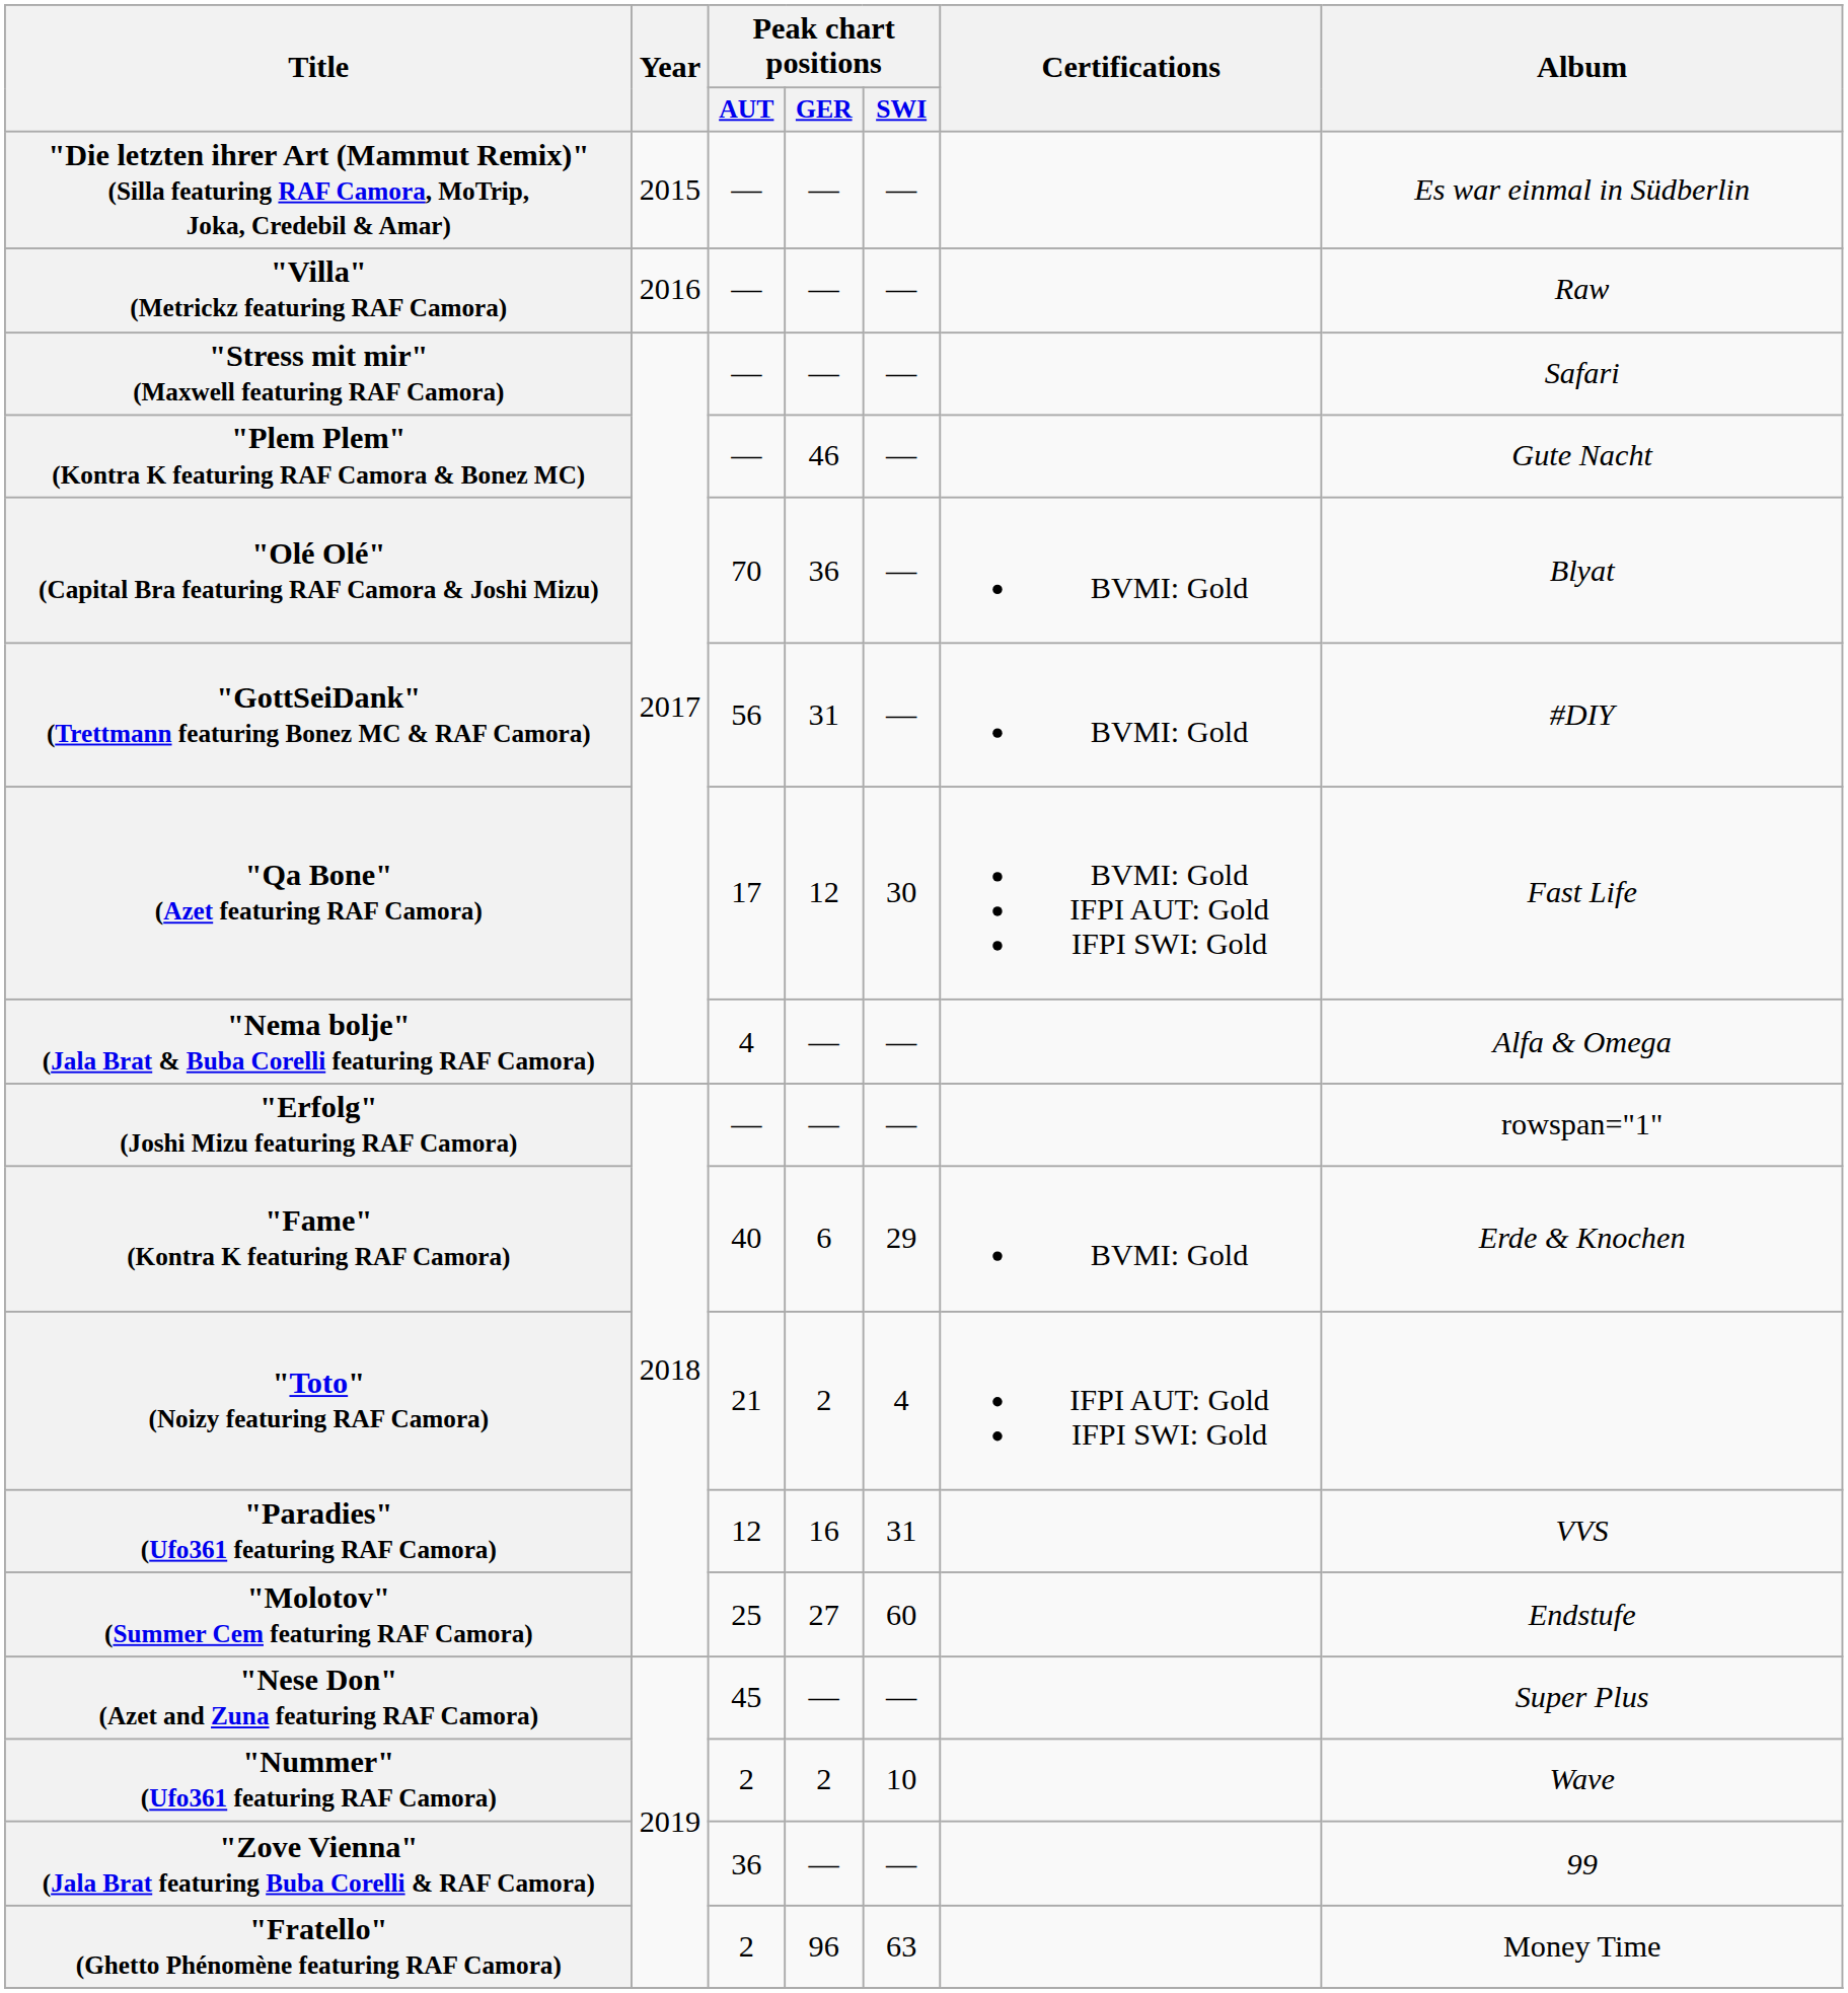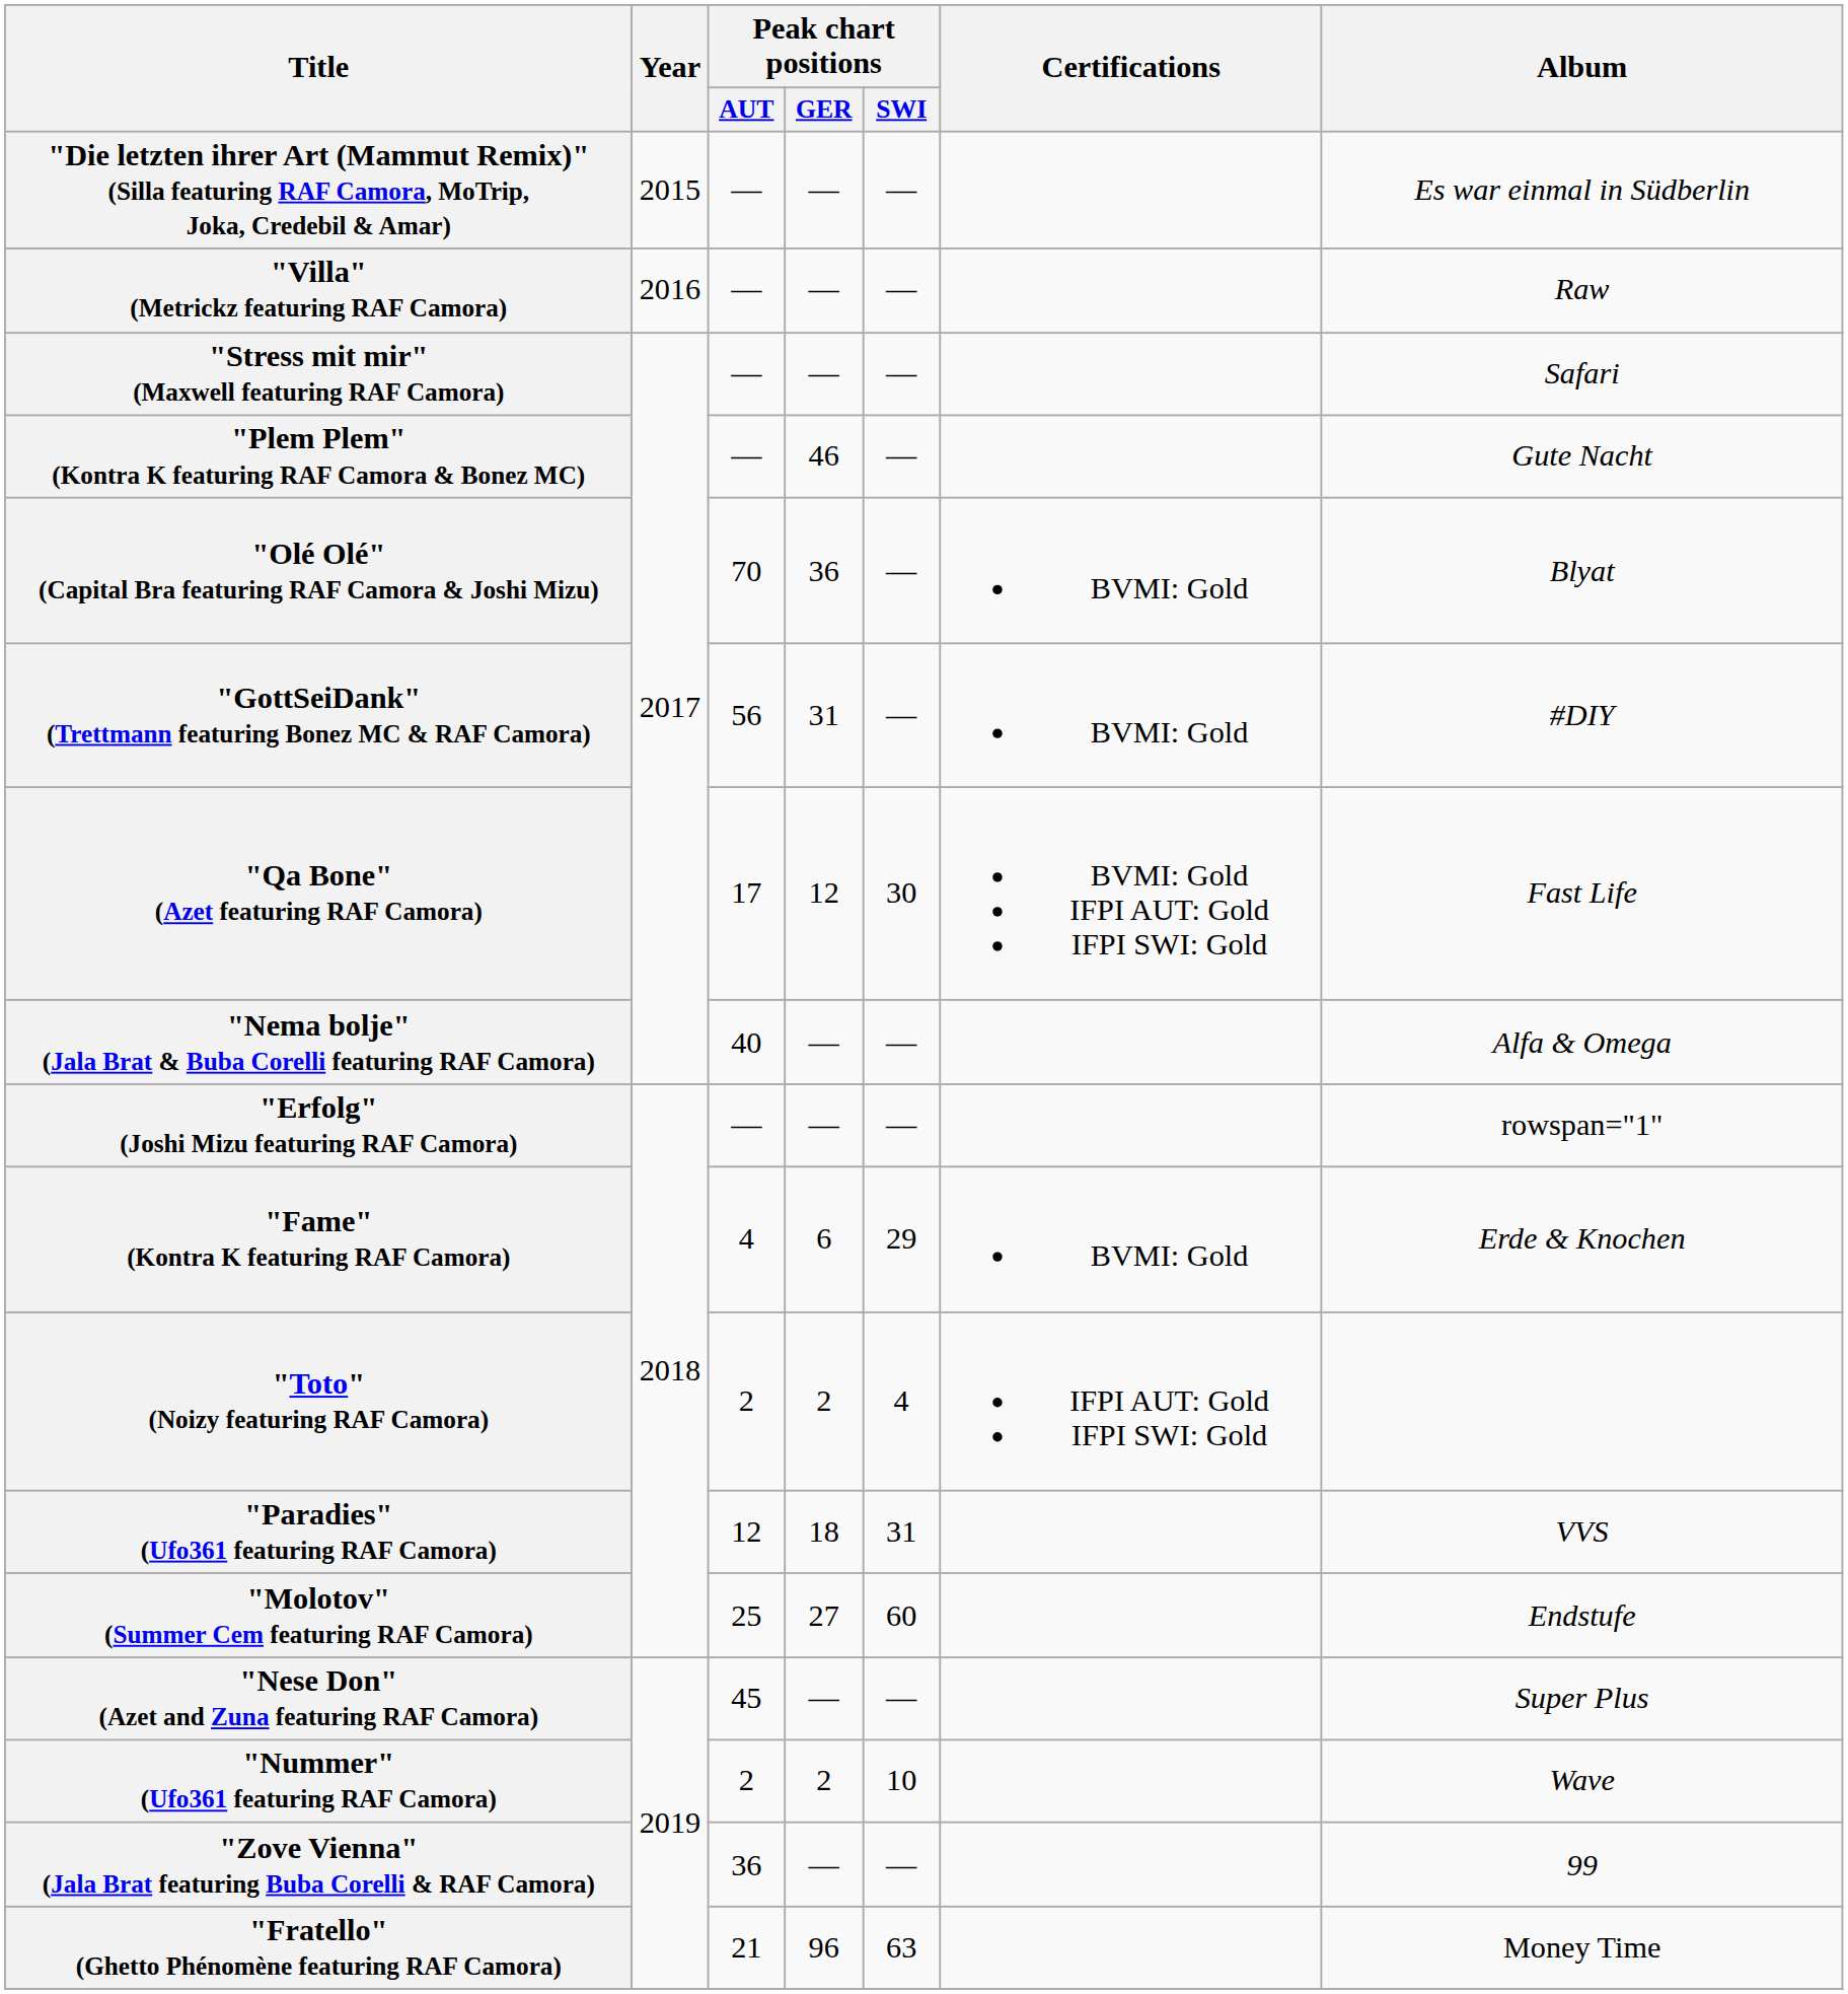 <table class="wikitable plainrowheaders" style="text-align:center;">
 <tr>
 <th scope="col" rowspan="2" style="width:20em;">Title</th>
 <th scope="col" rowspan="2" style="width:1em;">Year</th>
 <th scope="col" colspan="3">Peak chart positions</th>
 <th scope="col" rowspan="2" style="width:12em;">Certifications</th>
 <th scope="col" rowspan="2" style="width:16.5em;">Album</th>
 </tr>
 <tr>
 <th style="width:2.5em; font-size:85%"><a href='#'>AUT</a><br></th>
 <th style="width:2.5em; font-size:85%"><a href='#'>GER</a><br></th>
 <th style="width:2.5em; font-size:85%"><a href='#'>SWI</a><br></th>
 </tr>
 <tr>
 <th scope="row">"Die letzten ihrer Art (Mammut Remix)"<br><small>(Silla featuring <a href='#'>RAF Camora</a>, MoTrip,<br>Joka, Credebil & Amar)</small></th>
 <td>2015</td>
 <td>—</td>
 <td>—</td>
 <td>—</td>
 <td></td>
 <td><em>Es war einmal in Südberlin</em></td>
 </tr>
 <tr>
 <th scope="row">"Villa"<br><small>(Metrickz featuring RAF Camora)</small></th>
 <td>2016</td>
 <td>—</td>
 <td>—</td>
 <td>—</td>
 <td></td>
 <td><em>Raw</em></td>
 </tr>
 <tr>
 <th scope="row">"Stress mit mir"<br><small>(Maxwell featuring RAF Camora)</small></th>
 <td rowspan="6">2017</td>
 <td>—</td>
 <td>—</td>
 <td>—</td>
 <td></td>
 <td><em>Safari</em></td>
 </tr>
 <tr>
 <th scope="row">"Plem Plem"<br><small>(Kontra K featuring RAF Camora & Bonez MC)</small></th>
 <td>—</td>
 <td>46</td>
 <td>—</td>
 <td></td>
 <td><em>Gute Nacht</em></td>
 </tr>
 <tr>
 <th scope="row">"Olé Olé"<br><small>(Capital Bra featuring RAF Camora & Joshi Mizu)</small></th>
 <td>70</td>
 <td>36</td>
 <td>—</td>
 <td><br><ul><li>BVMI: Gold</li></ul></td>
 <td><em>Blyat</em></td>
 </tr>
 <tr>
 <th scope="row">"GottSeiDank"<br><small>(<a href='#'>Trettmann</a> featuring Bonez MC & RAF Camora)</small></th>
 <td>56</td>
 <td>31</td>
 <td>—</td>
 <td><br><ul><li>BVMI: Gold</li></ul></td>
 <td><em>#DIY</em></td>
 </tr>
 <tr>
 <th scope="row">"Qa Bone"<br><small>(<a href='#'>Azet</a> featuring RAF Camora)</small></th>
 <td>17</td>
 <td>12</td>
 <td>30</td>
 <td><br><ul><li>BVMI: Gold</li><li>IFPI AUT: Gold</li><li>IFPI SWI: Gold</li></ul></td>
 <td><em>Fast Life</em></td>
 </tr>
 <tr>
 <th scope="row">"Nema bolje"<br><small>(<a href='#'>Jala Brat</a> & <a href='#'>Buba Corelli</a> featuring RAF Camora)</small></th>
-<td>4</td>
+<td>40</td>
 <td>—</td>
 <td>—</td>
 <td></td>
 <td><em>Alfa & Omega</em></td>
 </tr>
 <tr>
 <th scope="row">"Erfolg"<br><small>(Joshi Mizu featuring RAF Camora)</small></th>
 <td rowspan="5">2018</td>
 <td>—</td>
 <td>—</td>
 <td>—</td>
 <td></td>
 <td>rowspan="1" </td>
 </tr>
 <tr>
 <th scope="row">"Fame"<br><small>(Kontra K featuring RAF Camora)</small></th>
-<td>40</td>
+<td>4</td>
 <td>6</td>
 <td>29</td>
 <td><br><ul><li>BVMI: Gold</li></ul></td>
 <td><em>Erde & Knochen</em></td>
 </tr>
 <tr>
 <th scope="row">"<a href='#'>Toto</a>"<br><small>(Noizy featuring RAF Camora)</small></th>
-<td>21</td>
+<td>2</td>
 <td>2</td>
 <td>4</td>
 <td><br><ul><li>IFPI AUT: Gold</li><li>IFPI SWI: Gold</li></ul></td>
 <td></td>
 </tr>
 <tr>
 <th scope="row">"Paradies"<br><small>(<a href='#'>Ufo361</a> featuring RAF Camora)</small></th>
 <td>12</td>
-<td>16</td>
+<td>18</td>
 <td>31</td>
 <td></td>
 <td><em>VVS</em></td>
 </tr>
 <tr>
 <th scope="row">"Molotov"<br><small>(<a href='#'>Summer Cem</a> featuring RAF Camora)</small></th>
 <td>25</td>
 <td>27</td>
 <td>60</td>
 <td></td>
 <td><em>Endstufe</em></td>
 </tr>
 <tr>
 <th scope="row">"Nese Don"<br><small>(Azet and <a href='#'>Zuna</a> featuring RAF Camora)</small></th>
 <td rowspan="4">2019</td>
 <td>45</td>
 <td>—</td>
 <td>—</td>
 <td></td>
 <td><em>Super Plus</em></td>
 </tr>
 <tr>
 <th scope="row">"Nummer"<br><small>(<a href='#'>Ufo361</a> featuring RAF Camora)</small></th>
 <td>2</td>
 <td>2</td>
 <td>10</td>
 <td></td>
 <td><em>Wave</em></td>
 </tr>
 <tr>
 <th scope="row">"Zove Vienna"<br><small>(<a href='#'>Jala Brat</a> featuring <a href='#'>Buba Corelli</a> & RAF Camora)</small></th>
 <td>36</td>
 <td>—</td>
 <td>—</td>
 <td></td>
 <td><em>99</em></td>
 </tr>
 <tr>
 <th scope="row">"Fratello"<br><small>(Ghetto Phénomène featuring RAF Camora)</small></th>
-<td>2</td>
+<td>21</td>
 <td>96</td>
 <td>63</td>
 <td></td>
 <td>Money Time</td>
 </tr>
 <tr>
 </tr>
 </table>
